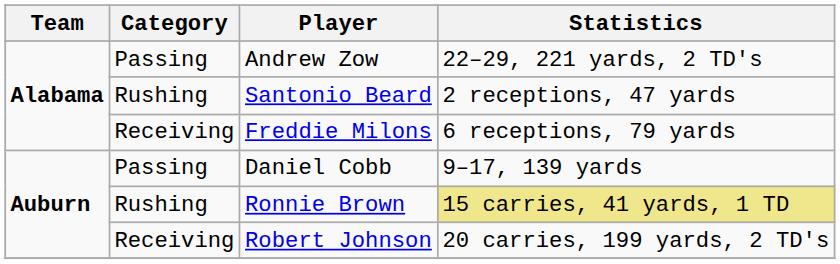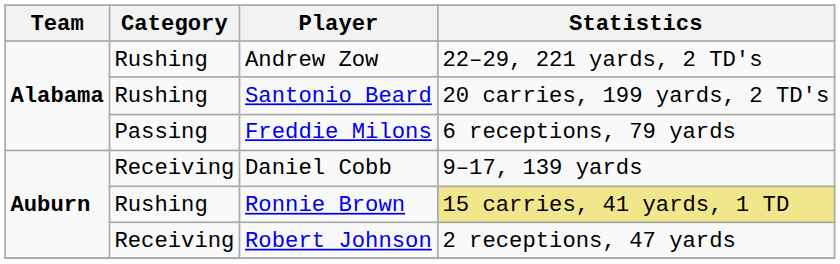 <table class="wikitable" style="float: right;">
 <tr>
 <th>Team</th>
 <th>Category</th>
 <th>Player</th>
 <th>Statistics</th>
 </tr>
 <tr>
 <td rowspan=3><strong>Alabama</strong></td>
-<td>Passing</td>
+<td>Rushing</td>
 <td>Andrew Zow</td>
 <td>22–29, 221 yards, 2 TD's</td>
 </tr>
 <tr>
 <td>Rushing</td>
 <td><a href='#'>Santonio Beard</a></td>
-<td>2 receptions, 47 yards</td>
+<td>20 carries, 199 yards, 2 TD's</td>
 </tr>
 <tr>
-<td>Receiving</td>
+<td>Passing</td>
 <td><a href='#'>Freddie Milons</a></td>
 <td>6 receptions, 79 yards</td>
 </tr>
 <tr>
 <td rowspan=3><strong>Auburn</strong></td>
-<td>Passing</td>
+<td>Receiving</td>
 <td>Daniel Cobb</td>
 <td>9–17, 139 yards</td>
 </tr>
 <tr>
 <td>Rushing</td>
 <td><a href='#'>Ronnie Brown</a></td>
 <td style="background: khaki;">15 carries, 41 yards, 1 TD</td>
 </tr>
 <tr>
 <td>Receiving</td>
 <td><a href='#'>Robert Johnson</a></td>
-<td>20 carries, 199 yards, 2 TD's</td>
+<td>2 receptions, 47 yards</td>
 </tr>
 <tr>
 </tr>
 </table>
